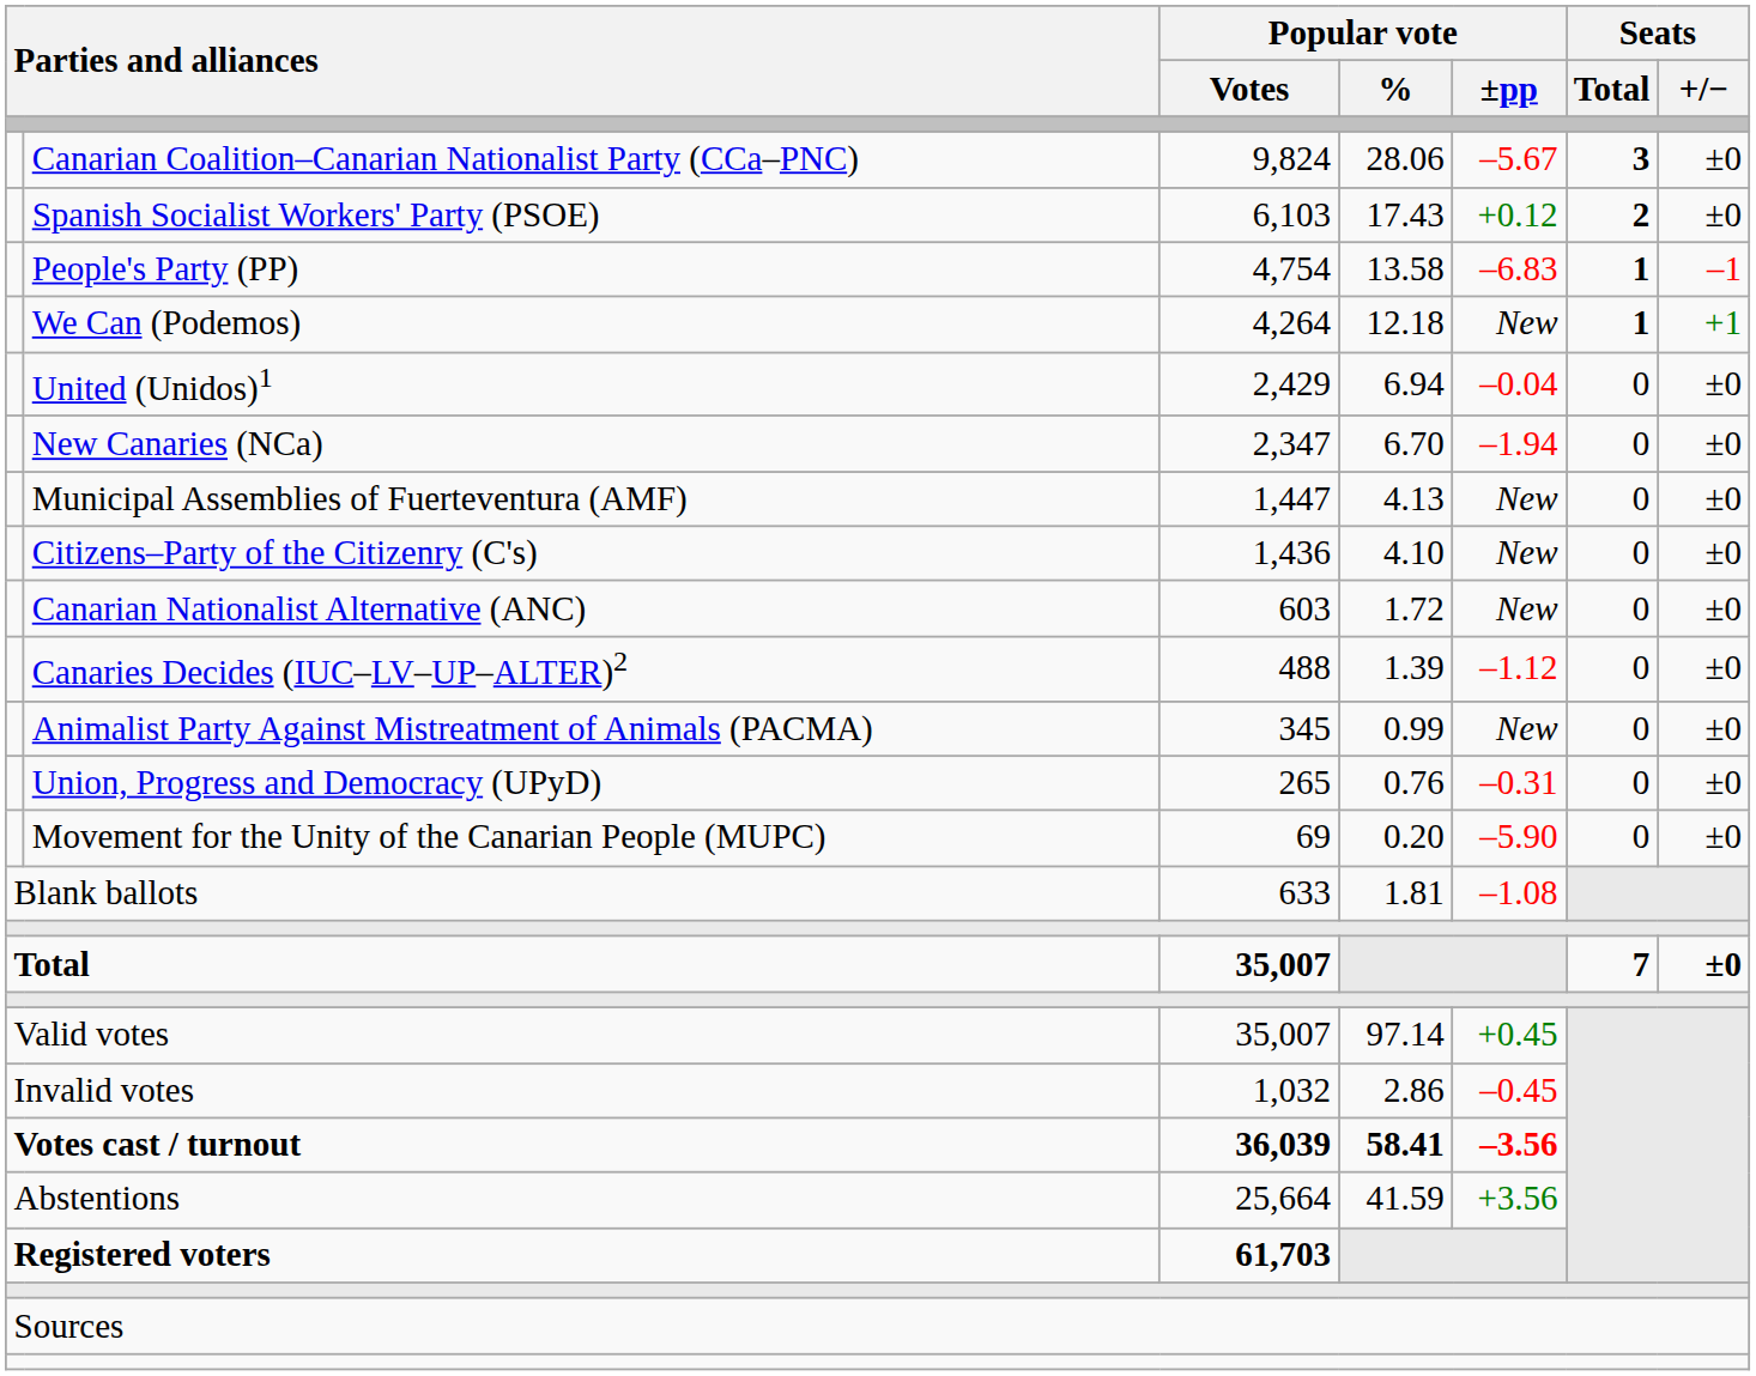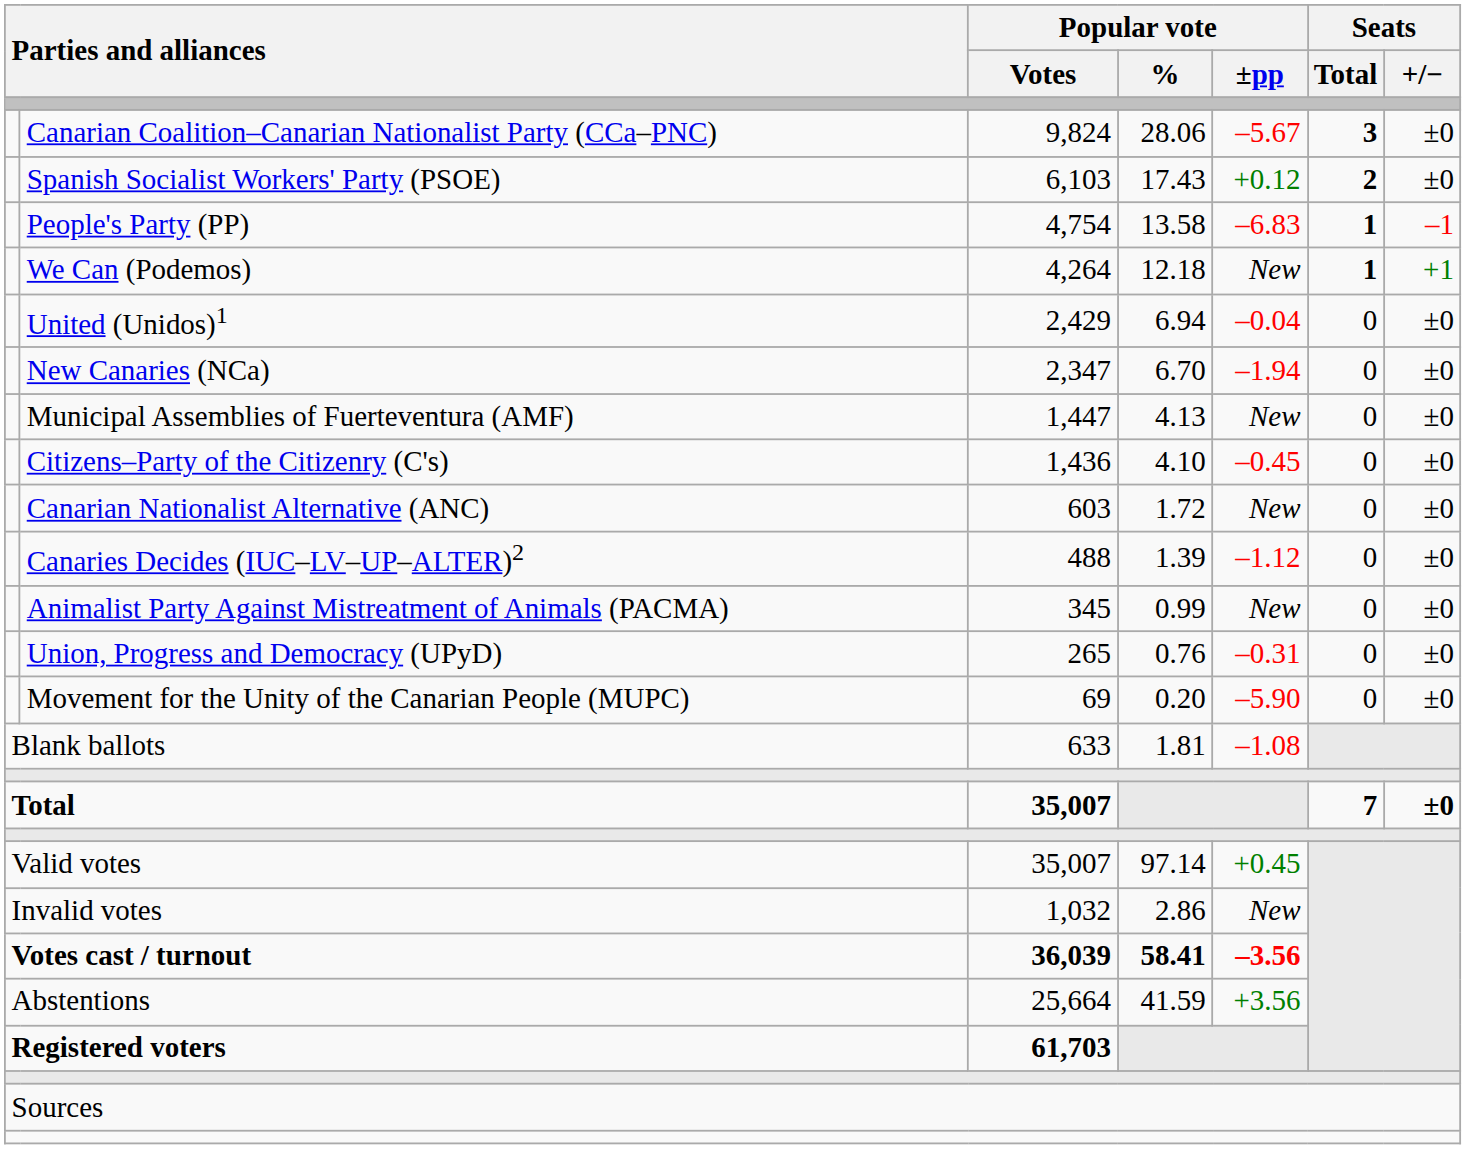 <table class="wikitable" style="text-align:right;">
 <tr>
 <th style="text-align:left;" rowspan="2" colspan="2" width="525">Parties and alliances</th>
 <th colspan="3">Popular vote</th>
 <th colspan="2">Seats</th>
 </tr>
 <tr>
 <th width="75">Votes</th>
 <th width="45">%</th>
 <th width="45">±<a href='#'>pp</a></th>
 <th width="35">Total</th>
 <th width="35">+/−</th>
 </tr>
 <tr>
 <td colspan="7" bgcolor="#C0C0C0"></td>
 </tr>
 <tr>
 <td width="1" style="color:inherit;background:"></td>
 <td align="left"><a href='#'>Canarian Coalition–Canarian Nationalist Party</a> (<a href='#'>CCa</a>–<a href='#'>PNC</a>)</td>
 <td>9,824</td>
 <td>28.06</td>
 <td style="color:red;">–5.67</td>
 <td><strong>3</strong></td>
 <td>±0</td>
 </tr>
 <tr>
 <td style="color:inherit;background:"></td>
 <td align="left"><a href='#'>Spanish Socialist Workers' Party</a> (PSOE)</td>
 <td>6,103</td>
 <td>17.43</td>
 <td style="color:green;">+0.12</td>
 <td><strong>2</strong></td>
 <td>±0</td>
 </tr>
 <tr>
 <td style="color:inherit;background:"></td>
 <td align="left"><a href='#'>People's Party</a> (PP)</td>
 <td>4,754</td>
 <td>13.58</td>
 <td style="color:red;">–6.83</td>
 <td><strong>1</strong></td>
 <td style="color:red;">–1</td>
 </tr>
 <tr>
 <td style="color:inherit;background:"></td>
 <td align="left"><a href='#'>We Can</a> (Podemos)</td>
 <td>4,264</td>
 <td>12.18</td>
 <td><em>New</em></td>
 <td><strong>1</strong></td>
 <td style="color:green;">+1</td>
 </tr>
 <tr>
 <td style="color:inherit;background:"></td>
 <td align="left"><a href='#'>United</a> (Unidos)<sup>1</sup></td>
 <td>2,429</td>
 <td>6.94</td>
 <td style="color:red;">–0.04</td>
 <td>0</td>
 <td>±0</td>
 </tr>
 <tr>
 <td style="color:inherit;background:"></td>
 <td align="left"><a href='#'>New Canaries</a> (NCa)</td>
 <td>2,347</td>
 <td>6.70</td>
 <td style="color:red;">–1.94</td>
 <td>0</td>
 <td>±0</td>
 </tr>
 <tr>
 <td style="color:inherit;background:"></td>
 <td align="left">Municipal Assemblies of Fuerteventura (AMF)</td>
 <td>1,447</td>
 <td>4.13</td>
 <td><em>New</em></td>
 <td>0</td>
 <td>±0</td>
 </tr>
 <tr>
 <td style="color:inherit;background:"></td>
 <td align="left"><a href='#'>Citizens–Party of the Citizenry</a> (C's)</td>
 <td>1,436</td>
 <td>4.10</td>
-<td><em>New</em></td>
+<td style="color:red;">–0.45</td>
 <td>0</td>
 <td>±0</td>
 </tr>
 <tr>
 <td style="color:inherit;background:"></td>
 <td align="left"><a href='#'>Canarian Nationalist Alternative</a> (ANC)</td>
 <td>603</td>
 <td>1.72</td>
 <td><em>New</em></td>
 <td>0</td>
 <td>±0</td>
 </tr>
 <tr>
 <td style="color:inherit;background:"></td>
 <td align="left"><a href='#'>Canaries Decides</a> (<a href='#'>IUC</a>–<a href='#'>LV</a>–<a href='#'>UP</a>–<a href='#'>ALTER</a>)<sup>2</sup></td>
 <td>488</td>
 <td>1.39</td>
 <td style="color:red;">–1.12</td>
 <td>0</td>
 <td>±0</td>
 </tr>
 <tr>
 <td style="color:inherit;background:"></td>
 <td align="left"><a href='#'>Animalist Party Against Mistreatment of Animals</a> (PACMA)</td>
 <td>345</td>
 <td>0.99</td>
 <td><em>New</em></td>
 <td>0</td>
 <td>±0</td>
 </tr>
 <tr>
 <td style="color:inherit;background:"></td>
 <td align="left"><a href='#'>Union, Progress and Democracy</a> (UPyD)</td>
 <td>265</td>
 <td>0.76</td>
 <td style="color:red;">–0.31</td>
 <td>0</td>
 <td>±0</td>
 </tr>
 <tr>
 <td style="color:inherit;background:"></td>
 <td align="left">Movement for the Unity of the Canarian People (MUPC)</td>
 <td>69</td>
 <td>0.20</td>
 <td style="color:red;">–5.90</td>
 <td>0</td>
 <td>±0</td>
 </tr>
 <tr>
 <td align="left" colspan="2">Blank ballots</td>
 <td>633</td>
 <td>1.81</td>
 <td style="color:red;">–1.08</td>
 <td bgcolor="#E9E9E9" colspan="2"></td>
 </tr>
 <tr>
 <td colspan="7" bgcolor="#E9E9E9"></td>
 </tr>
 <tr style="font-weight:bold;">
 <td align="left" colspan="2">Total</td>
 <td>35,007</td>
 <td bgcolor="#E9E9E9" colspan="2"></td>
 <td>7</td>
 <td>±0</td>
 </tr>
 <tr>
 <td colspan="7" bgcolor="#E9E9E9"></td>
 </tr>
 <tr>
 <td align="left" colspan="2">Valid votes</td>
 <td>35,007</td>
 <td>97.14</td>
 <td style="color:green;">+0.45</td>
 <td bgcolor="#E9E9E9" colspan="2" rowspan="5"></td>
 </tr>
 <tr>
 <td align="left" colspan="2">Invalid votes</td>
 <td>1,032</td>
 <td>2.86</td>
-<td style="color:red;">–0.45</td>
+<td><em>New</em></td>
 </tr>
 <tr style="font-weight:bold;">
 <td align="left" colspan="2">Votes cast / turnout</td>
 <td>36,039</td>
 <td>58.41</td>
 <td style="color:red;">–3.56</td>
 </tr>
 <tr>
 <td align="left" colspan="2">Abstentions</td>
 <td>25,664</td>
 <td>41.59</td>
 <td style="color:green;">+3.56</td>
 </tr>
 <tr style="font-weight:bold;">
 <td align="left" colspan="2">Registered voters</td>
 <td>61,703</td>
 <td bgcolor="#E9E9E9" colspan="2"></td>
 </tr>
 <tr>
 <td colspan="7" bgcolor="#E9E9E9"></td>
 </tr>
 <tr>
 <td align="left" colspan="7">Sources</td>
 </tr>
 <tr>
 <td colspan="7" style="text-align:left; max-width:790px;"></td>
 </tr>
 </table>
